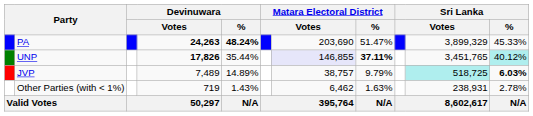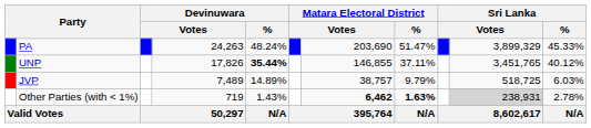 <table class="wikitable">
 <tr>
 <th colspan="2" width="144px"rowspan="2">Party</th>
 <th colspan="3" width="216px">Devinuwara</th>
 <th colspan="3" width="216px"><a href='#'>Matara Electoral District</a></th>
 <th colspan="3" width="216px">Sri Lanka</th>
 </tr>
 <tr>
 <th colspan="2" width="144px">Votes</th>
 <th>%</th>
 <th colspan="2" width="144px">Votes</th>
 <th>%</th>
 <th colspan="2" width="144px">Votes</th>
 <th>%</th>
 </tr>
 <tr>
 <td style="background-color:blue;" width="10px"></td>
 <td style="text-align:left;"><a href='#'>PA</a></td>
 <td style="background-color:blue;" width="10px"></td>
-<td style="text-align:right;"><strong>24,263</strong></td>
-<td style="text-align:right;"><strong>48.24%</strong></td>
+<td style="text-align:right;">24,263</td>
+<td style="text-align:right;">48.24%</td>
 <td style="background-color:blue;" width="10px"></td>
 <td style="text-align:right;">203,690</td>
 <td style="text-align:right;">51.47%</td>
 <td style="background-color:blue;" width="10px"></td>
 <td style="text-align:right;">3,899,329</td>
 <td style="text-align:right;">45.33%</td>
 </tr>
 <tr>
 <td style="background-color:green;" width="10px"></td>
 <td style="text-align:left;"><a href='#'>UNP</a></td>
 <td style="background-color:white;" width="10px"></td>
-<td style="text-align:right;"><strong>17,826</strong></td>
-<td style="text-align:right;">35.44%</td>
+<td style="text-align:right;">17,826</td>
+<td style="text-align:right;"><strong>35.44%</strong></td>
 <td style="background-color:white;" width="10px"></td>
-<td style="background: lavender; text-align:right;">146,855</td>
-<td style="text-align:right;"><strong>37.11%</strong></td>
+<td style="text-align:right;">146,855</td>
+<td style="text-align:right;">37.11%</td>
 <td style="background-color:white;" width="10px"></td>
 <td style="text-align:right;">3,451,765</td>
-<td style="background: paleturquoise; text-align:right;">40.12%</td>
+<td style="text-align:right;">40.12%</td>
 </tr>
 <tr>
 <td style="background-color:red;" width="10px"></td>
 <td style="text-align:left;"><a href='#'>JVP</a></td>
 <td style="background-color:white;" width="10px"></td>
 <td style="text-align:right;">7,489</td>
 <td style="text-align:right;">14.89%</td>
 <td style="background-color:white;" width="10px"></td>
 <td style="text-align:right;">38,757</td>
 <td style="text-align:right;">9.79%</td>
 <td style="background-color:white;" width="10px"></td>
-<td style="background: paleturquoise; text-align:right;">518,725</td>
-<td style="text-align:right;"><strong>6.03%</strong></td>
+<td style="text-align:right;">518,725</td>
+<td style="text-align:right;">6.03%</td>
 </tr>
 <tr>
 <td style="background-color:white;" width="10px"></td>
 <td style="text-align:left;">Other Parties (with < 1%)</td>
 <td style="background-color:white;" width="10px"></td>
 <td style="text-align:right;">719</td>
 <td style="text-align:right;">1.43%</td>
 <td style="background-color:white;" width="10px"></td>
-<td style="text-align:right;">6,462</td>
-<td style="text-align:right;">1.63%</td>
+<td style="text-align:right;"><strong>6,462</strong></td>
+<td style="text-align:right;"><strong>1.63%</strong></td>
 <td style="background-color:white;" width="10px"></td>
-<td style="text-align:right;">238,931</td>
+<td style="background: lightgrey; text-align:right;">238,931</td>
 <td style="text-align:right;">2.78%</td>
 </tr>
 <tr>
 <th colspan="2" width="144px"style="text-align:left;">Valid Votes</th>
 <th style="text-align:right;"colspan="2" width="144px">50,297</th>
 <th style="text-align:right;">N/A</th>
 <th style="text-align:right;"colspan="2" width="144px">395,764</th>
 <th style="text-align:right;">N/A</th>
 <th style="text-align:right;"colspan="2" width="144px">8,602,617</th>
 <th style="text-align:right;">N/A</th>
 </tr>
 </table>
